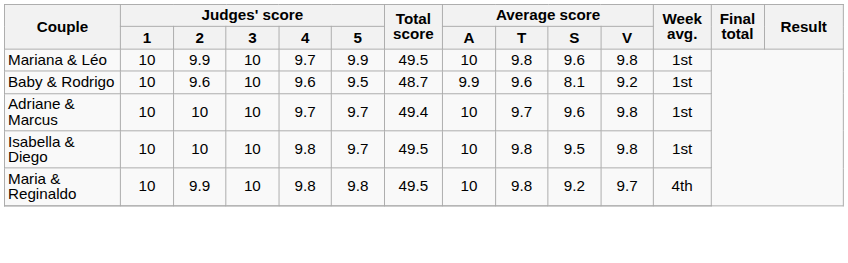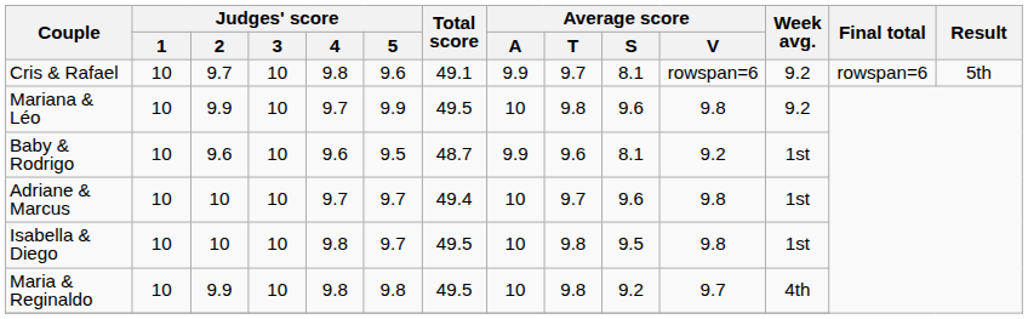 <table class="wikitable" style="font-size:100%; line-height:16px; text-align:center" width="100%">
 <tr>
 <th rowspan=2 style="width:11.0%;">Couple</th>
 <th colspan=5 style="width:25.0%;">Judges' score</th>
 <th rowspan=2 style="width:05.0%;">Total score</th>
 <th colspan=4 style="width:20.0%;">Average score</th>
 <th rowspan=2 style="width:05.0%;">Week avg.</th>
 <th rowspan=2 style="width:05.0%;">Final total</th>
 <th rowspan=2 style="width:07.5%;">Result</th>
 </tr>
 <tr>
 <th style="width:05.0%;">1</th>
 <th style="width:05.0%;">2</th>
 <th style="width:05.0%;">3</th>
 <th style="width:05.0%;">4</th>
 <th style="width:05.0%;">5</th>
 <th style="width:05.0%;">A</th>
 <th style="width:05.0%;">T</th>
 <th style="width:05.0%;">S</th>
 <th style="width:05.0%;">V</th>
 </tr>
 <tr>
+<td align="left">Cris & Rafael</td>
+<td>10</td>
+<td>9.7</td>
+<td>10</td>
+<td>9.8</td>
+<td>9.6</td>
+<td>49.1</td>
+<td>9.9</td>
+<td>9.7</td>
+<td>8.1</td>
+<td>rowspan=6 </td>
+<td>9.2</td>
+<td>rowspan=6 </td>
+<td>5th</td>
+</tr>
+<tr>
 <td align="left">Mariana & Léo</td>
 <td>10</td>
 <td>9.9</td>
 <td>10</td>
 <td>9.7</td>
 <td>9.9</td>
 <td>49.5</td>
 <td>10</td>
 <td>9.8</td>
 <td>9.6</td>
 <td>9.8</td>
-<td>1st</td>
+<td>9.2</td>
 </tr>
 <tr>
 <td align="left">Baby & Rodrigo</td>
 <td>10</td>
 <td>9.6</td>
 <td>10</td>
 <td>9.6</td>
 <td>9.5</td>
 <td>48.7</td>
 <td>9.9</td>
 <td>9.6</td>
 <td>8.1</td>
 <td>9.2</td>
 <td>1st</td>
 </tr>
 <tr>
 <td align="left">Adriane & Marcus</td>
 <td>10</td>
 <td>10</td>
 <td>10</td>
 <td>9.7</td>
 <td>9.7</td>
 <td>49.4</td>
 <td>10</td>
 <td>9.7</td>
 <td>9.6</td>
 <td>9.8</td>
 <td>1st</td>
 </tr>
 <tr>
 <td align="left">Isabella & Diego</td>
 <td>10</td>
 <td>10</td>
 <td>10</td>
 <td>9.8</td>
 <td>9.7</td>
 <td>49.5</td>
 <td>10</td>
 <td>9.8</td>
 <td>9.5</td>
 <td>9.8</td>
 <td>1st</td>
 </tr>
 <tr>
 <td align="left">Maria & Reginaldo</td>
 <td>10</td>
 <td>9.9</td>
 <td>10</td>
 <td>9.8</td>
 <td>9.8</td>
 <td>49.5</td>
 <td>10</td>
 <td>9.8</td>
 <td>9.2</td>
 <td>9.7</td>
 <td>4th</td>
 </tr>
 <tr>
 </tr>
 </table>
